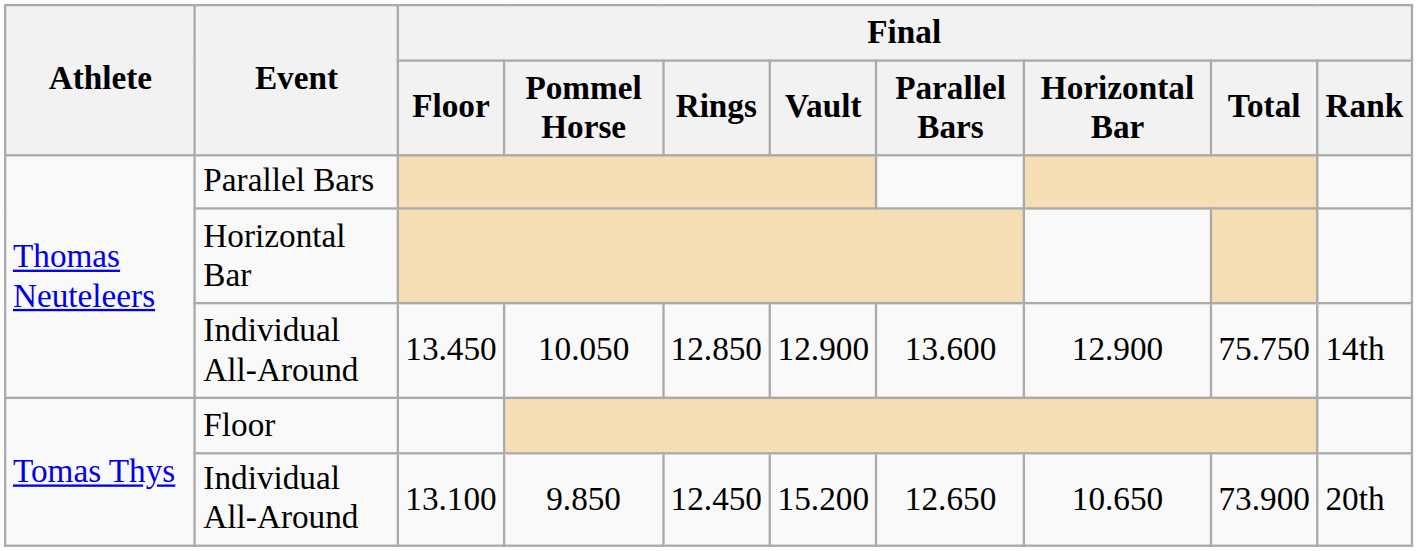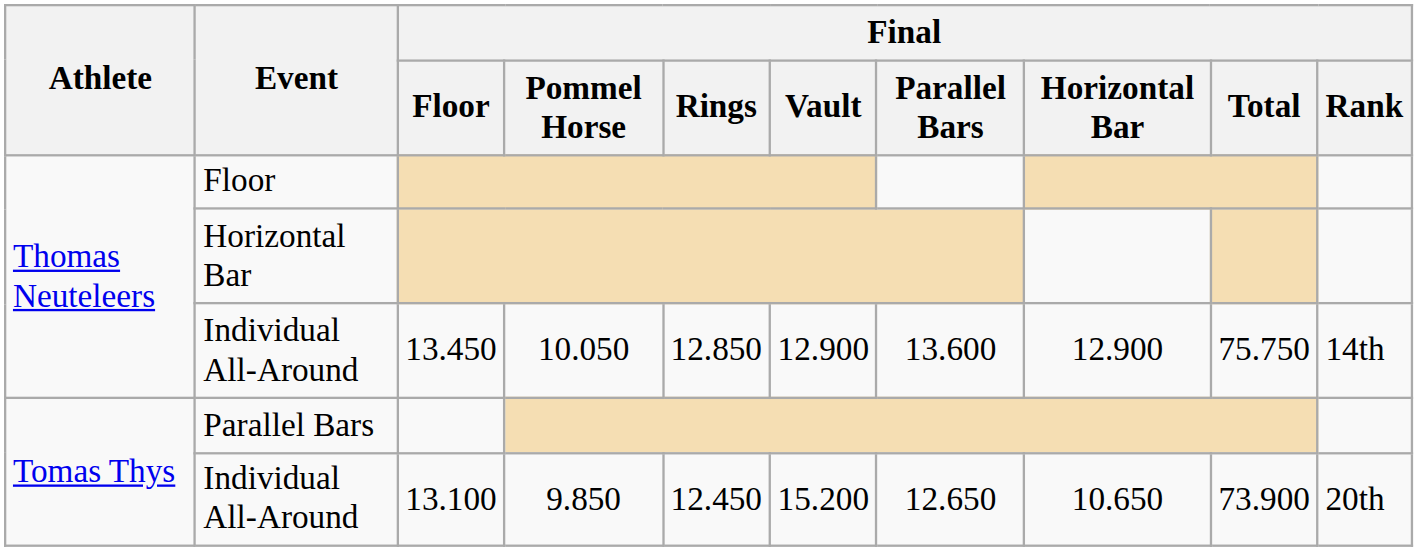 <table class="wikitable" border="1" style="font-size:90%">
 <tr>
 <th rowspan="2">Athlete</th>
 <th rowspan="2">Event</th>
 <th colspan="8">Final</th>
 </tr>
 <tr>
 <th>Floor</th>
 <th>Pommel Horse</th>
 <th>Rings</th>
 <th>Vault</th>
 <th>Parallel Bars</th>
 <th>Horizontal Bar</th>
 <th>Total</th>
 <th>Rank</th>
 </tr>
 <tr>
 <td rowspan=3><a href='#'>Thomas Neuteleers</a></td>
-<td>Parallel Bars</td>
+<td>Floor</td>
 <td colspan="4" bgcolor="wheat"></td>
 <td align=center></td>
 <td colspan="2" bgcolor="wheat"></td>
 <td align=center></td>
 </tr>
 <tr>
 <td>Horizontal Bar</td>
 <td colspan="5" bgcolor="wheat"></td>
 <td align=center></td>
 <td bgcolor="wheat"></td>
 <td align=center></td>
 </tr>
 <tr>
 <td>Individual All-Around</td>
 <td align=center>13.450</td>
 <td align=center>10.050</td>
 <td align=center>12.850</td>
 <td align=center>12.900</td>
 <td align=center>13.600</td>
 <td align=center>12.900</td>
 <td align=center>75.750</td>
 <td>14th</td>
 </tr>
 <tr>
 <td rowspan=2><a href='#'>Tomas Thys</a></td>
-<td>Floor</td>
+<td>Parallel Bars</td>
 <td align=center></td>
 <td colspan="6" bgcolor="wheat"></td>
 <td align=center></td>
 </tr>
 <tr>
 <td>Individual All-Around</td>
 <td align=center>13.100</td>
 <td align=center>9.850</td>
 <td align=center>12.450</td>
 <td align=center>15.200</td>
 <td align=center>12.650</td>
 <td align=center>10.650</td>
 <td align=center>73.900</td>
 <td>20th</td>
 </tr>
 </table>
